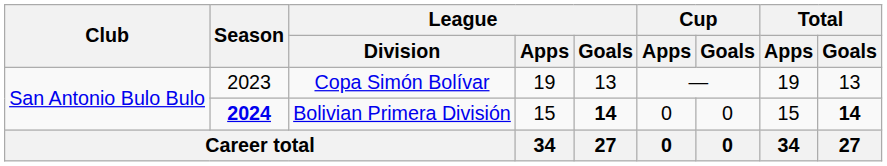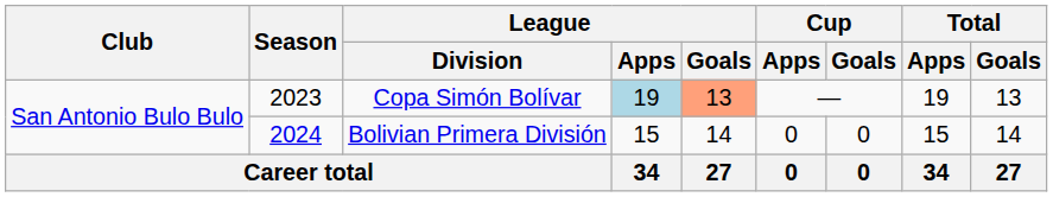 <table class="wikitable", style="text-align:center">
 <tr>
 <th rowspan="2">Club</th>
 <th rowspan="2">Season</th>
 <th colspan="3">League</th>
 <th colspan="2">Cup</th>
 <th colspan="2">Total</th>
 </tr>
 <tr>
 <th>Division</th>
 <th>Apps</th>
 <th>Goals</th>
 <th>Apps</th>
 <th>Goals</th>
 <th>Apps</th>
 <th>Goals</th>
 </tr>
 <tr>
 <td rowspan="2"><a href='#'>San Antonio Bulo Bulo</a></td>
 <td>2023</td>
 <td><a href='#'>Copa Simón Bolívar</a></td>
-<td>19</td>
-<td>13</td>
+<td style="background: lightblue;">19</td>
+<td style="background: lightsalmon;">13</td>
 <td colspan="2">—</td>
 <td>19</td>
 <td>13</td>
 </tr>
 <tr>
-<td><strong><a href='#'>2024</a></strong></td>
+<td><a href='#'>2024</a></td>
 <td><a href='#'>Bolivian Primera División</a></td>
 <td>15</td>
-<td><strong>14</strong></td>
+<td>14</td>
 <td>0</td>
 <td>0</td>
 <td>15</td>
-<td><strong>14</strong></td>
+<td>14</td>
 </tr>
 <tr>
 <th colspan="3">Career total</th>
 <th>34</th>
 <th>27</th>
 <th>0</th>
 <th>0</th>
 <th>34</th>
 <th>27</th>
 </tr>
 </table>
